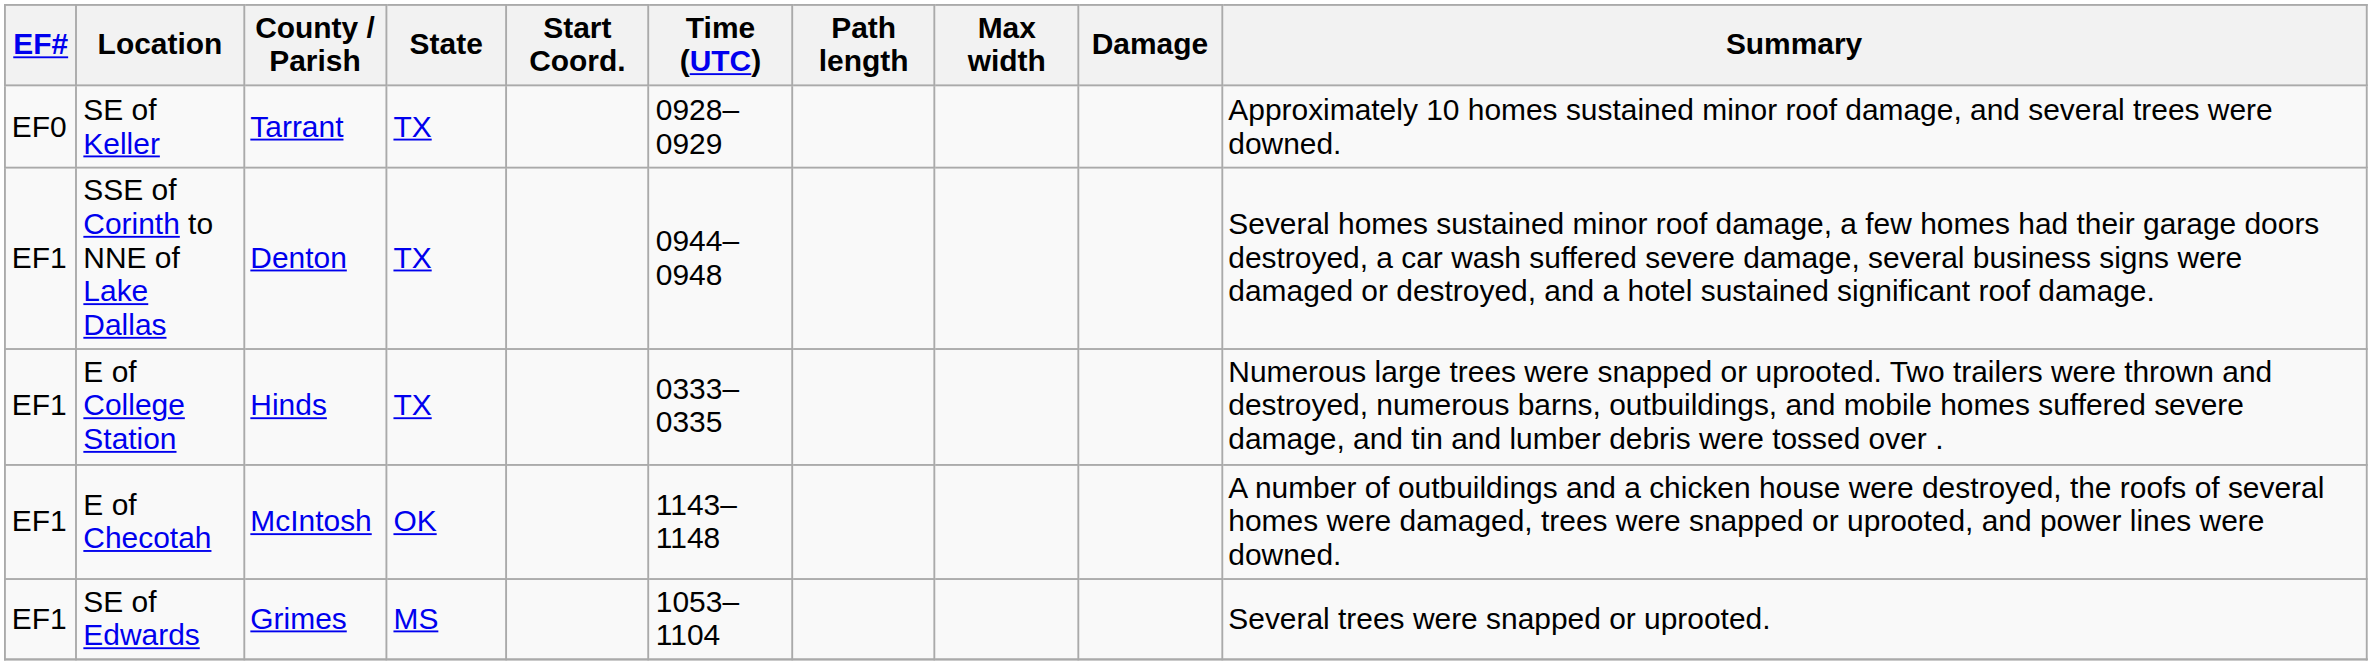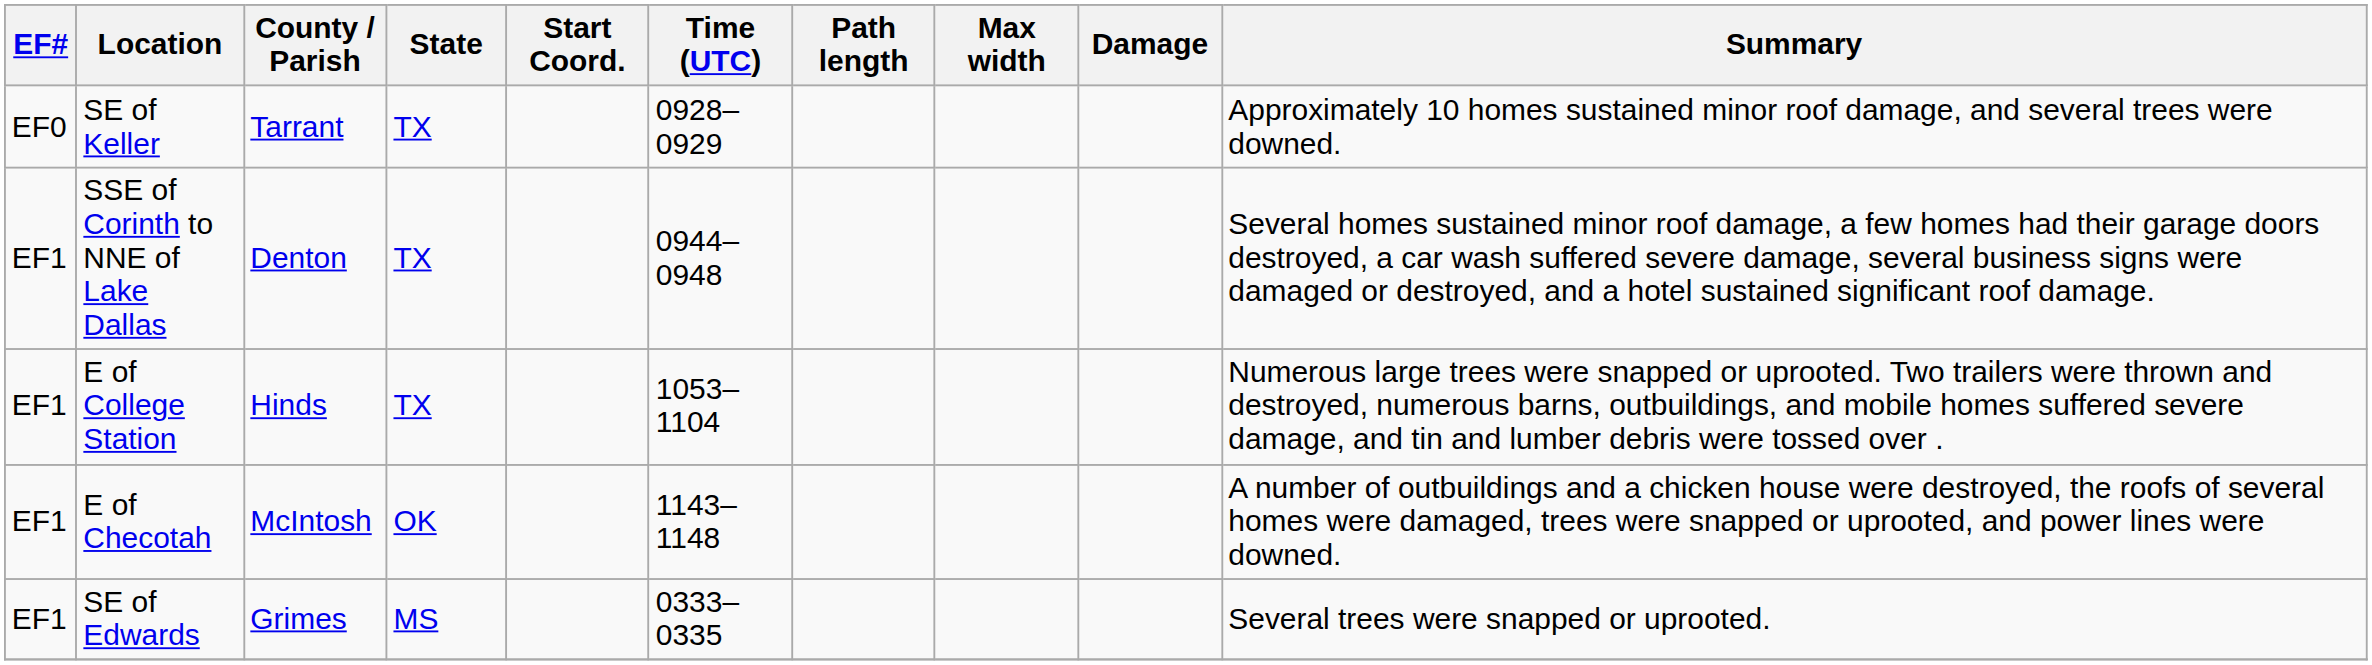 <table class="wikitable sortable" style="width:100%;">
 <tr>
 <th scope="col" width="3%" align="center"><a href='#'>EF#</a></th>
 <th scope="col" width="7%" align="center" class="unsortable">Location</th>
 <th scope="col" width="6%" align="center" class="unsortable">County / Parish</th>
 <th scope="col" width="5%" align="center">State</th>
 <th scope="col" width="6%" align="center">Start Coord.</th>
 <th scope="col" width="6%" align="center">Time (<a href='#'>UTC</a>)</th>
 <th scope="col" width="6%" align="center">Path length</th>
 <th scope="col" width="6%" align="center">Max width</th>
 <th scope="col" width="6%" align="center">Damage</th>
 <th scope="col" width="48%" class="unsortable" align="center">Summary</th>
 </tr>
 <tr>
 <td>EF0</td>
 <td>SE of <a href='#'>Keller</a></td>
 <td><a href='#'>Tarrant</a></td>
 <td><a href='#'>TX</a></td>
 <td></td>
 <td>0928–0929</td>
 <td></td>
 <td></td>
 <td></td>
 <td>Approximately 10 homes sustained minor roof damage, and several trees were downed.</td>
 </tr>
 <tr>
 <td>EF1</td>
 <td>SSE of <a href='#'>Corinth</a> to NNE of <a href='#'>Lake Dallas</a></td>
 <td><a href='#'>Denton</a></td>
 <td><a href='#'>TX</a></td>
 <td></td>
 <td>0944–0948</td>
 <td></td>
 <td></td>
 <td></td>
 <td>Several homes sustained minor roof damage, a few homes had their garage doors destroyed, a car wash suffered severe damage, several business signs were damaged or destroyed, and a hotel sustained significant roof damage.</td>
 </tr>
 <tr>
 <td>EF1</td>
 <td>E of <a href='#'>College Station</a></td>
 <td><a href='#'>Hinds</a></td>
 <td><a href='#'>TX</a></td>
 <td></td>
-<td>0333–0335</td>
+<td>1053–1104</td>
 <td></td>
 <td></td>
 <td></td>
 <td>Numerous large trees were snapped or uprooted. Two trailers were thrown and destroyed, numerous barns, outbuildings, and mobile homes suffered severe damage, and tin and lumber debris were tossed over .</td>
 </tr>
 <tr>
 <td>EF1</td>
 <td>E of <a href='#'>Checotah</a></td>
 <td><a href='#'>McIntosh</a></td>
 <td><a href='#'>OK</a></td>
 <td></td>
 <td>1143–1148</td>
 <td></td>
 <td></td>
 <td></td>
 <td>A number of outbuildings and a chicken house were destroyed, the roofs of several homes were damaged, trees were snapped or uprooted, and power lines were downed.</td>
 </tr>
 <tr>
 <td>EF1</td>
 <td>SE of <a href='#'>Edwards</a></td>
 <td><a href='#'>Grimes</a></td>
 <td><a href='#'>MS</a></td>
 <td></td>
-<td>1053–1104</td>
+<td>0333–0335</td>
 <td></td>
 <td></td>
 <td></td>
 <td>Several trees were snapped or uprooted.</td>
 </tr>
 <tr>
 </tr>
 </table>
